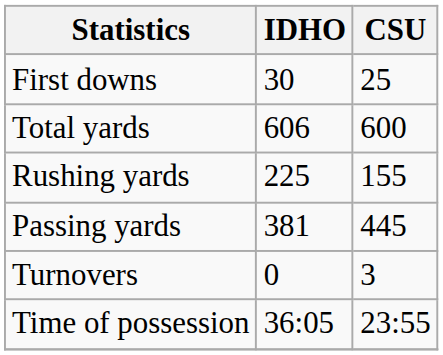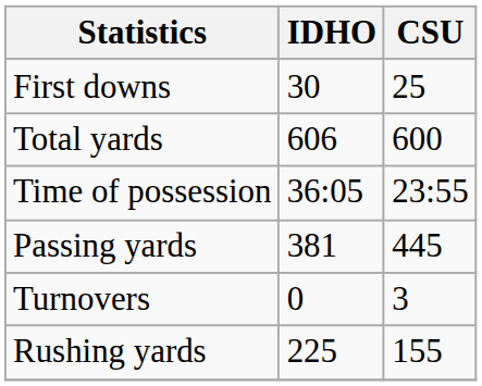 <table class="wikitable" style="float: left;">
 <tr>
 <th>Statistics</th>
 <th>IDHO</th>
 <th>CSU</th>
 </tr>
 <tr>
 <td>First downs</td>
 <td>30</td>
 <td>25</td>
 </tr>
 <tr>
 <td>Total yards</td>
 <td>606</td>
 <td>600</td>
 </tr>
 <tr>
-<td>Rushing yards</td>
-<td>225</td>
-<td>155</td>
+<td>Time of possession</td>
+<td>36:05</td>
+<td>23:55</td>
 </tr>
 <tr>
 <td>Passing yards</td>
 <td>381</td>
 <td>445</td>
 </tr>
 <tr>
 <td>Turnovers</td>
 <td>0</td>
 <td>3</td>
 </tr>
 <tr>
-<td>Time of possession</td>
-<td>36:05</td>
-<td>23:55</td>
+<td>Rushing yards</td>
+<td>225</td>
+<td>155</td>
 </tr>
 <tr>
 </tr>
 </table>
